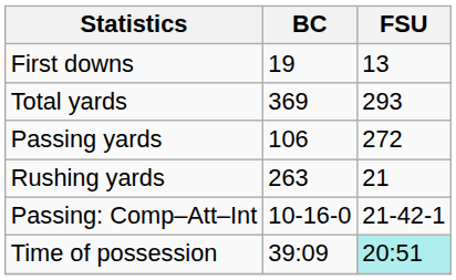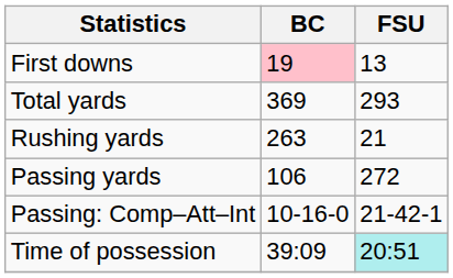 <table class="wikitable" style="float: left;">
 <tr>
 <th>Statistics</th>
 <th>BC</th>
 <th>FSU</th>
 </tr>
 <tr>
 <td>First downs</td>
-<td>19</td>
+<td style="background: pink;">19</td>
 <td>13</td>
 </tr>
 <tr>
 <td>Total yards</td>
 <td>369</td>
 <td>293</td>
 </tr>
 <tr>
+<td>Rushing yards</td>
+<td>263</td>
+<td>21</td>
+</tr>
+<tr>
 <td>Passing yards</td>
 <td>106</td>
 <td>272</td>
-</tr>
-<tr>
-<td>Rushing yards</td>
-<td>263</td>
-<td>21</td>
 </tr>
 <tr>
 <td>Passing: Comp–Att–Int</td>
 <td>10-16-0</td>
 <td>21-42-1</td>
 </tr>
 <tr>
 <td>Time of possession</td>
 <td>39:09</td>
 <td style="background: paleturquoise;">20:51</td>
 </tr>
 <tr>
 </tr>
 </table>
